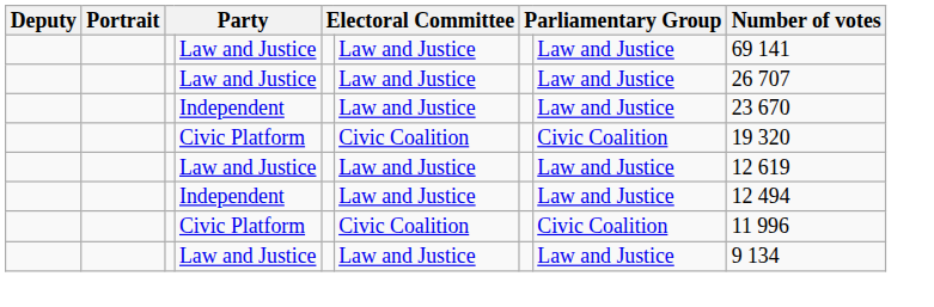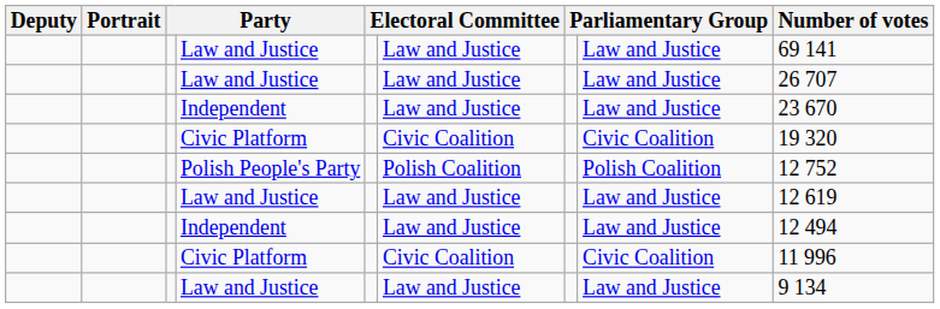 <table class="wikitable sortable" style="font-size:95%;line-height:14px;">
 <tr>
 <th>Deputy</th>
 <th>Portrait</th>
 <th colspan="2">Party</th>
 <th colspan="2">Electoral Committee</th>
 <th colspan="2">Parliamentary Group</th>
 <th>Number of votes</th>
 </tr>
 <tr>
 <td></td>
 <td></td>
 <td style="background:"></td>
 <td><a href='#'>Law and Justice</a></td>
 <td style="background:"></td>
 <td><a href='#'>Law and Justice</a></td>
 <td style="background:"></td>
 <td><a href='#'>Law and Justice</a></td>
 <td>69 141</td>
 </tr>
 <tr>
 <td></td>
 <td></td>
 <td style="background:"></td>
 <td><a href='#'>Law and Justice</a></td>
 <td style="background:"></td>
 <td><a href='#'>Law and Justice</a></td>
 <td style="background:"></td>
 <td><a href='#'>Law and Justice</a></td>
 <td>26 707</td>
 </tr>
 <tr>
 <td></td>
 <td></td>
 <td style="background:"></td>
 <td><a href='#'>Independent</a></td>
 <td style="background:"></td>
 <td><a href='#'>Law and Justice</a></td>
 <td style="background:"></td>
 <td><a href='#'>Law and Justice</a></td>
 <td>23 670</td>
 </tr>
 <tr>
 <td></td>
 <td></td>
 <td style="background:"></td>
 <td><a href='#'>Civic Platform</a></td>
 <td style="background:"></td>
 <td><a href='#'>Civic Coalition</a></td>
 <td style="background:"></td>
 <td><a href='#'>Civic Coalition</a></td>
 <td>19 320</td>
 </tr>
 <tr>
 <td></td>
 <td></td>
 <td style="background:"></td>
+<td><a href='#'>Polish People's Party</a></td>
+<td style="background:"></td>
+<td><a href='#'>Polish Coalition</a></td>
+<td style="background:"></td>
+<td><a href='#'>Polish Coalition</a></td>
+<td>12 752</td>
+</tr>
+<tr>
+<td></td>
+<td></td>
+<td style="background:"></td>
 <td><a href='#'>Law and Justice</a></td>
 <td style="background:"></td>
 <td><a href='#'>Law and Justice</a></td>
 <td style="background:"></td>
 <td><a href='#'>Law and Justice</a></td>
 <td>12 619</td>
 </tr>
 <tr>
 <td></td>
 <td></td>
 <td style="background:"></td>
 <td><a href='#'>Independent</a></td>
 <td style="background:"></td>
 <td><a href='#'>Law and Justice</a></td>
 <td style="background:"></td>
 <td><a href='#'>Law and Justice</a></td>
 <td>12 494</td>
 </tr>
 <tr>
 <td></td>
 <td></td>
 <td style="background:"></td>
 <td><a href='#'>Civic Platform</a></td>
 <td style="background:"></td>
 <td><a href='#'>Civic Coalition</a></td>
 <td style="background:"></td>
 <td><a href='#'>Civic Coalition</a></td>
 <td>11 996</td>
 </tr>
 <tr>
 <td></td>
 <td></td>
 <td style="background:"></td>
 <td><a href='#'>Law and Justice</a></td>
 <td style="background:"></td>
 <td><a href='#'>Law and Justice</a></td>
 <td style="background:"></td>
 <td><a href='#'>Law and Justice</a></td>
 <td>9 134</td>
 </tr>
 </table>
